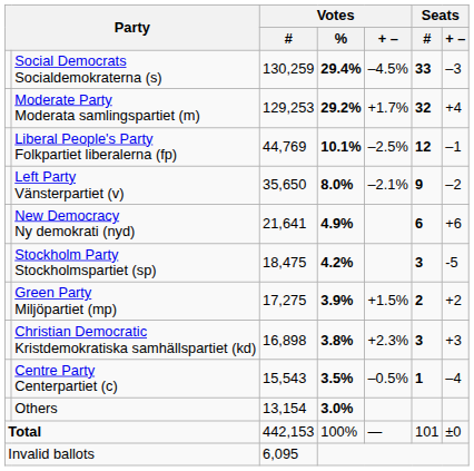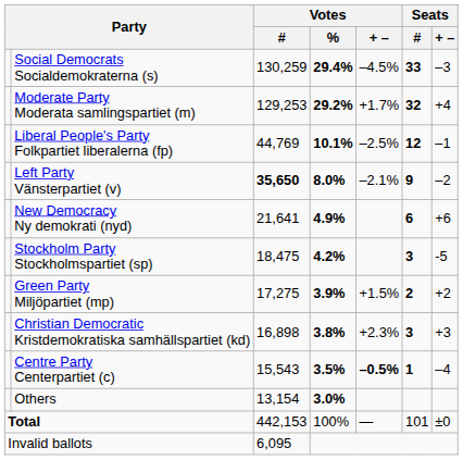 <table class="wikitable">
 <tr>
 <th colspan="2" rowspan="2">Party</th>
 <th colspan="3">Votes</th>
 <th colspan="2">Seats</th>
 </tr>
 <tr>
 <th>#</th>
 <th>%</th>
 <th>+ –</th>
 <th>#</th>
 <th>+ –</th>
 </tr>
 <tr>
 <td></td>
 <td><a href='#'>Social Democrats</a><br>Socialdemokraterna (s)</td>
 <td>130,259</td>
 <td><strong>29.4%</strong></td>
 <td>–4.5%</td>
 <td><strong>33</strong></td>
 <td>–3</td>
 </tr>
 <tr>
 <td></td>
 <td><a href='#'>Moderate Party</a><br>Moderata samlingspartiet (m)</td>
 <td>129,253</td>
 <td><strong>29.2%</strong></td>
 <td>+1.7%</td>
 <td><strong>32</strong></td>
 <td>+4</td>
 </tr>
 <tr>
 <td></td>
 <td><a href='#'>Liberal People's Party</a><br>Folkpartiet liberalerna (fp)</td>
 <td>44,769</td>
 <td><strong>10.1%</strong></td>
 <td>–2.5%</td>
 <td><strong>12</strong></td>
 <td>–1</td>
 </tr>
 <tr>
 <td></td>
 <td><a href='#'>Left Party</a><br>Vänsterpartiet (v)</td>
-<td>35,650</td>
+<td><strong>35,650</strong></td>
 <td><strong>8.0%</strong></td>
 <td>–2.1%</td>
 <td><strong>9</strong></td>
 <td>–2</td>
 </tr>
 <tr>
 <td></td>
 <td><a href='#'>New Democracy</a><br>Ny demokrati (nyd)</td>
 <td>21,641</td>
 <td><strong>4.9%</strong></td>
 <td></td>
 <td><strong>6</strong></td>
 <td>+6</td>
 </tr>
 <tr>
 <td></td>
 <td><a href='#'>Stockholm Party</a><br>Stockholmspartiet (sp)</td>
 <td>18,475</td>
 <td><strong>4.2%</strong></td>
 <td></td>
 <td><strong>3</strong></td>
 <td>-5</td>
 </tr>
 <tr>
 <td></td>
 <td><a href='#'>Green Party</a><br>Miljöpartiet (mp)</td>
 <td>17,275</td>
 <td><strong>3.9%</strong></td>
 <td>+1.5%</td>
 <td><strong>2</strong></td>
 <td>+2</td>
 </tr>
 <tr>
 <td></td>
 <td><a href='#'>Christian Democratic</a><br>Kristdemokratiska samhällspartiet (kd)</td>
 <td>16,898</td>
 <td><strong>3.8%</strong></td>
 <td>+2.3%</td>
 <td><strong>3</strong></td>
 <td>+3</td>
 </tr>
 <tr>
 <td></td>
 <td><a href='#'>Centre Party</a><br>Centerpartiet (c)</td>
 <td>15,543</td>
 <td><strong>3.5%</strong></td>
-<td>–0.5%</td>
+<td><strong>–0.5%</strong></td>
 <td><strong>1</strong></td>
 <td>–4</td>
 </tr>
 <tr>
 <td></td>
 <td>Others</td>
 <td>13,154</td>
 <td><strong>3.0%</strong></td>
 <td></td>
 <td></td>
 <td></td>
 </tr>
 <tr>
 <td colspan="2"><strong>Total</strong></td>
 <td>442,153</td>
 <td>100%</td>
 <td>—</td>
 <td>101</td>
 <td>±0</td>
 </tr>
 <tr>
 <td colspan="2">Invalid ballots</td>
 <td>6,095</td>
 </tr>
 </table>
